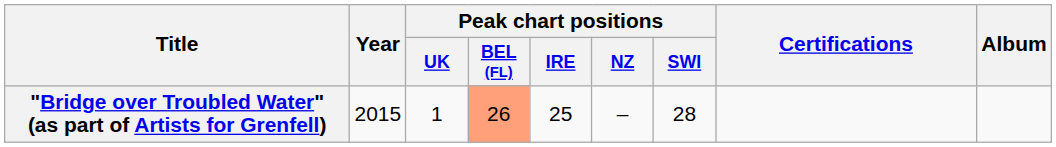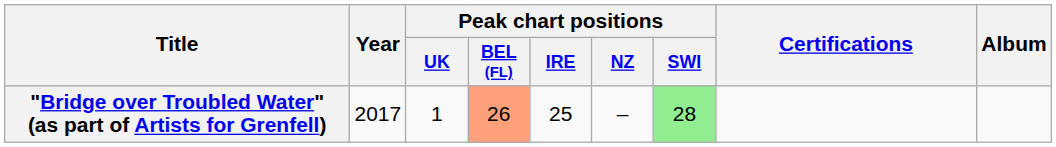 <table class="wikitable plainrowheaders" style="text-align:center;">
 <tr>
 <th scope="col" rowspan="2" style="width:16em;">Title</th>
 <th scope="col" rowspan="2">Year</th>
 <th scope="col" colspan="5">Peak chart positions</th>
 <th scope="col" rowspan="2" style="width:12em;"><a href='#'>Certifications</a></th>
 <th scope="col" rowspan="2">Album</th>
 </tr>
 <tr>
 <th scope="col" style="width:3em;font-size:85%;"><a href='#'>UK</a></th>
 <th scope="col" style="width:3em;font-size:85%;"><a href='#'>BEL<br><small>(FL)</small></a></th>
 <th scope="col" style="width:3em;font-size:85%;"><a href='#'>IRE</a></th>
 <th scope="col" style="width:3em;font-size:85%;"><a href='#'>NZ</a></th>
 <th scope="col" style="width:3em;font-size:85%;"><a href='#'>SWI</a></th>
 </tr>
 <tr>
 <th scope="row">"<a href='#'>Bridge over Troubled Water</a>"<br><span>(as part of <a href='#'>Artists for Grenfell</a>)</span></th>
-<td>2015</td>
+<td>2017</td>
 <td>1</td>
 <td style="background: lightsalmon;">26</td>
 <td>25</td>
 <td>– </td>
-<td>28</td>
+<td style="background: lightgreen;">28</td>
 <td></td>
 <td></td>
 </tr>
 </table>
